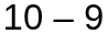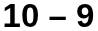 <table style="text-align:center">
 <tr>
 <th width=200></th>
 <th width=100></th>
 <th width=200></th>
 </tr>
 <tr>
 <td align=right><strong></strong></td>
-<td>10 – 9</td>
+<td><strong>10 – 9</strong></td>
 <td align=left></td>
 </tr>
 </table>
